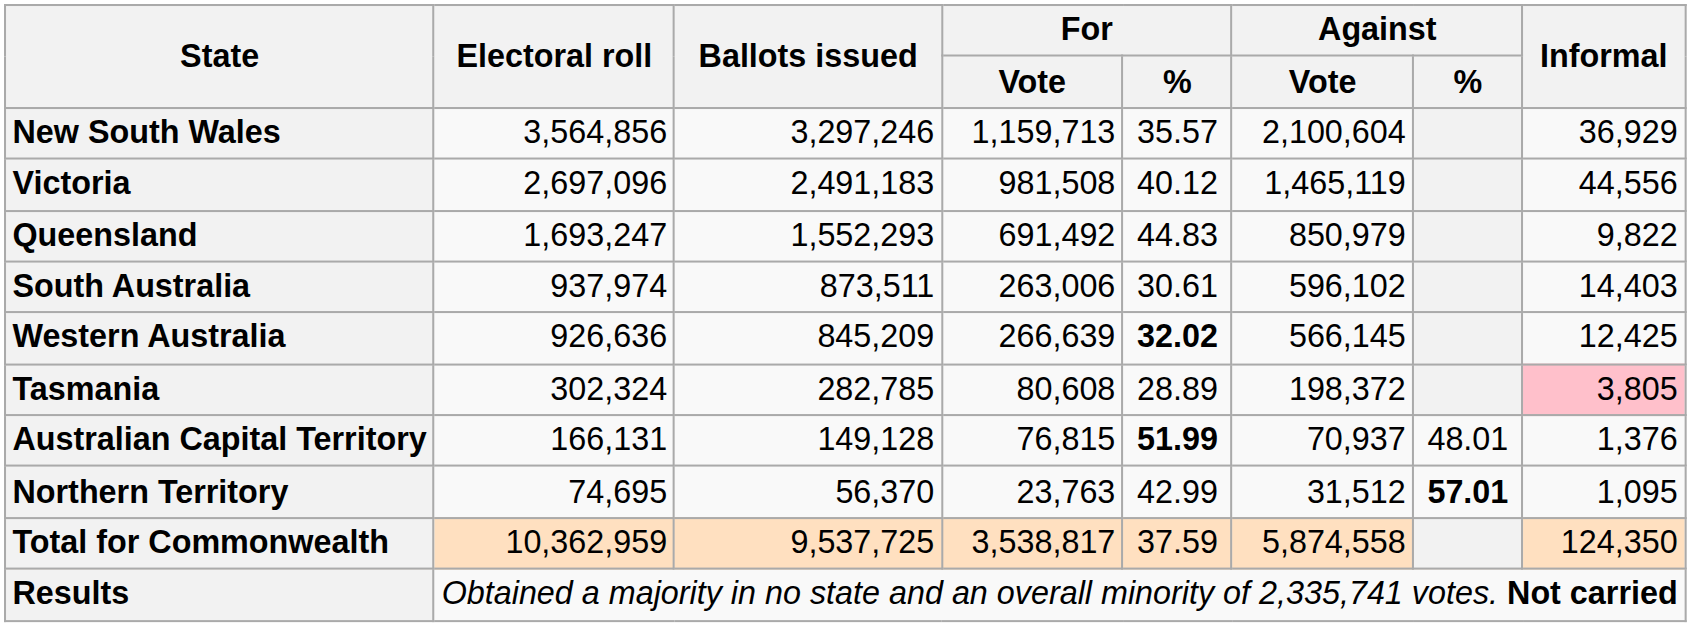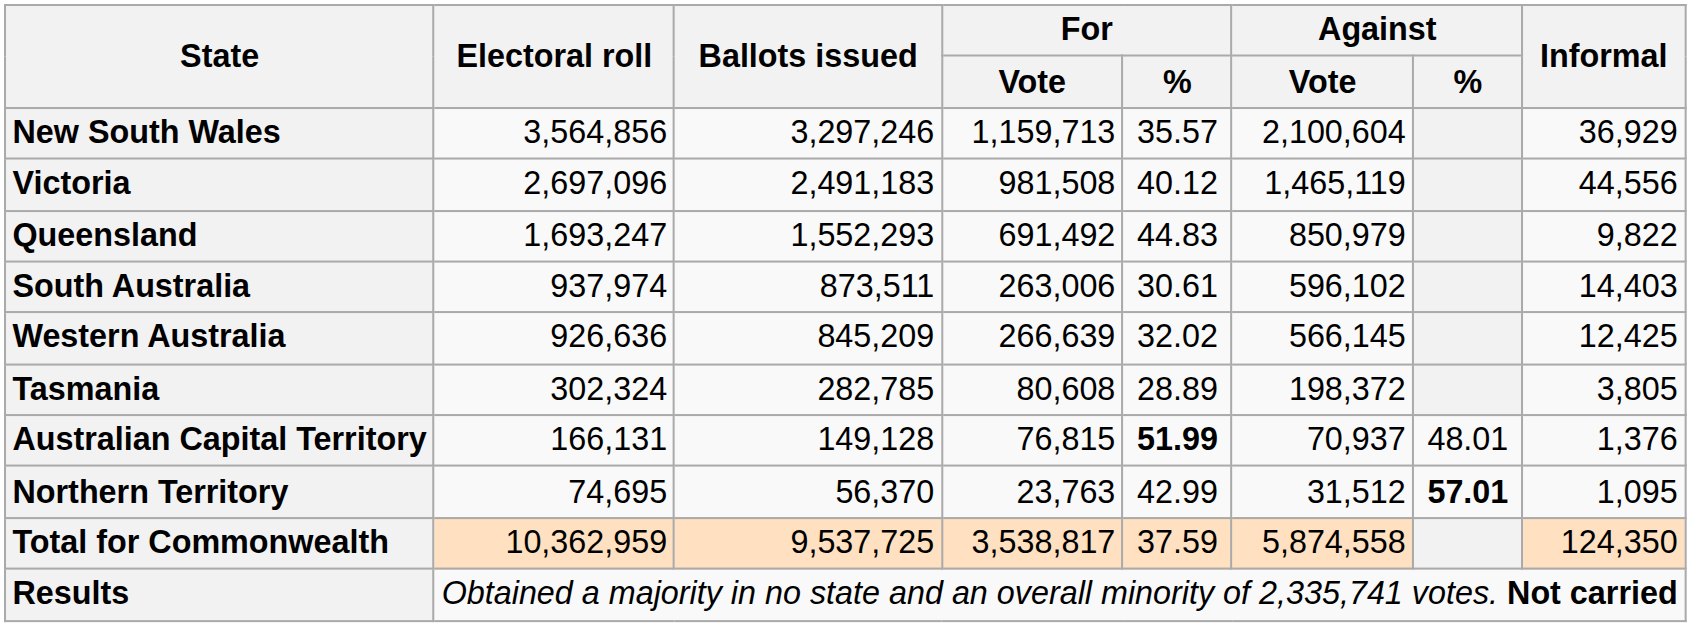 <table class="wikitable">
 <tr align=center>
 <th rowspan="2">State</th>
 <th rowspan="2">Electoral roll</th>
 <th rowspan="2">Ballots issued</th>
 <th align=center colspan="2">For</th>
 <th align=center colspan="2">Against</th>
 <th align=center rowspan="2">Informal</th>
 </tr>
 <tr>
 <th align=center>Vote</th>
 <th align=center>%</th>
 <th align=center>Vote</th>
 <th align=center>%</th>
 </tr>
 <tr align="right">
 <th style="text-align:left;">New South Wales</th>
 <td>3,564,856</td>
 <td>3,297,246</td>
 <td>1,159,713</td>
 <td align="center">35.57</td>
 <td>2,100,604</td>
 <th></th>
 <td>36,929</td>
 </tr>
 <tr align="right">
 <th style="text-align:left;">Victoria</th>
 <td>2,697,096</td>
 <td>2,491,183</td>
 <td>981,508</td>
 <td align="center">40.12</td>
 <td>1,465,119</td>
 <th></th>
 <td>44,556</td>
 </tr>
 <tr align="right">
 <th style="text-align:left;">Queensland</th>
 <td>1,693,247</td>
 <td>1,552,293</td>
 <td>691,492</td>
 <td align="center">44.83</td>
 <td>850,979</td>
 <th></th>
 <td>9,822</td>
 </tr>
 <tr align="right">
 <th style="text-align:left;">South Australia</th>
 <td>937,974</td>
 <td>873,511</td>
 <td>263,006</td>
 <td align="center">30.61</td>
 <td>596,102</td>
 <th></th>
 <td>14,403</td>
 </tr>
 <tr align="right">
 <th style="text-align:left;">Western Australia</th>
 <td>926,636</td>
 <td>845,209</td>
 <td>266,639</td>
-<td align="center"><strong>32.02</strong></td>
+<td align="center">32.02</td>
 <td>566,145</td>
 <th></th>
 <td>12,425</td>
 </tr>
 <tr align="right">
 <th style="text-align:left;">Tasmania</th>
 <td>302,324</td>
 <td>282,785</td>
 <td>80,608</td>
 <td align="center">28.89</td>
 <td>198,372</td>
 <th></th>
-<td style="background: pink;">3,805</td>
+<td>3,805</td>
 </tr>
 <tr align="right">
 <th style="text-align:left;">Australian Capital Territory</th>
 <td>166,131</td>
 <td>149,128</td>
 <td>76,815</td>
 <td align="center"><strong>51.99</strong></td>
 <td>70,937</td>
 <td align="center">48.01</td>
 <td>1,376</td>
 </tr>
 <tr align="right">
 <th style="text-align:left;">Northern Territory</th>
 <td>74,695</td>
 <td>56,370</td>
 <td>23,763</td>
 <td align="center">42.99</td>
 <td>31,512</td>
 <td align="center"><strong>57.01</strong></td>
 <td>1,095</td>
 </tr>
 <tr bgcolor=#FFE0C0 align="right">
 <th style="text-align:left;">Total for Commonwealth</th>
 <td>10,362,959</td>
 <td>9,537,725</td>
 <td>3,538,817</td>
 <td align="center">37.59</td>
 <td>5,874,558</td>
 <th></th>
 <td>124,350</td>
 </tr>
 <tr>
 <th style="text-align:left;">Results</th>
 <td colSpan="8"><em>Obtained a majority in no state and an overall minority of 2,335,741 votes.</em> <strong>Not carried</strong></td>
 </tr>
 </table>
